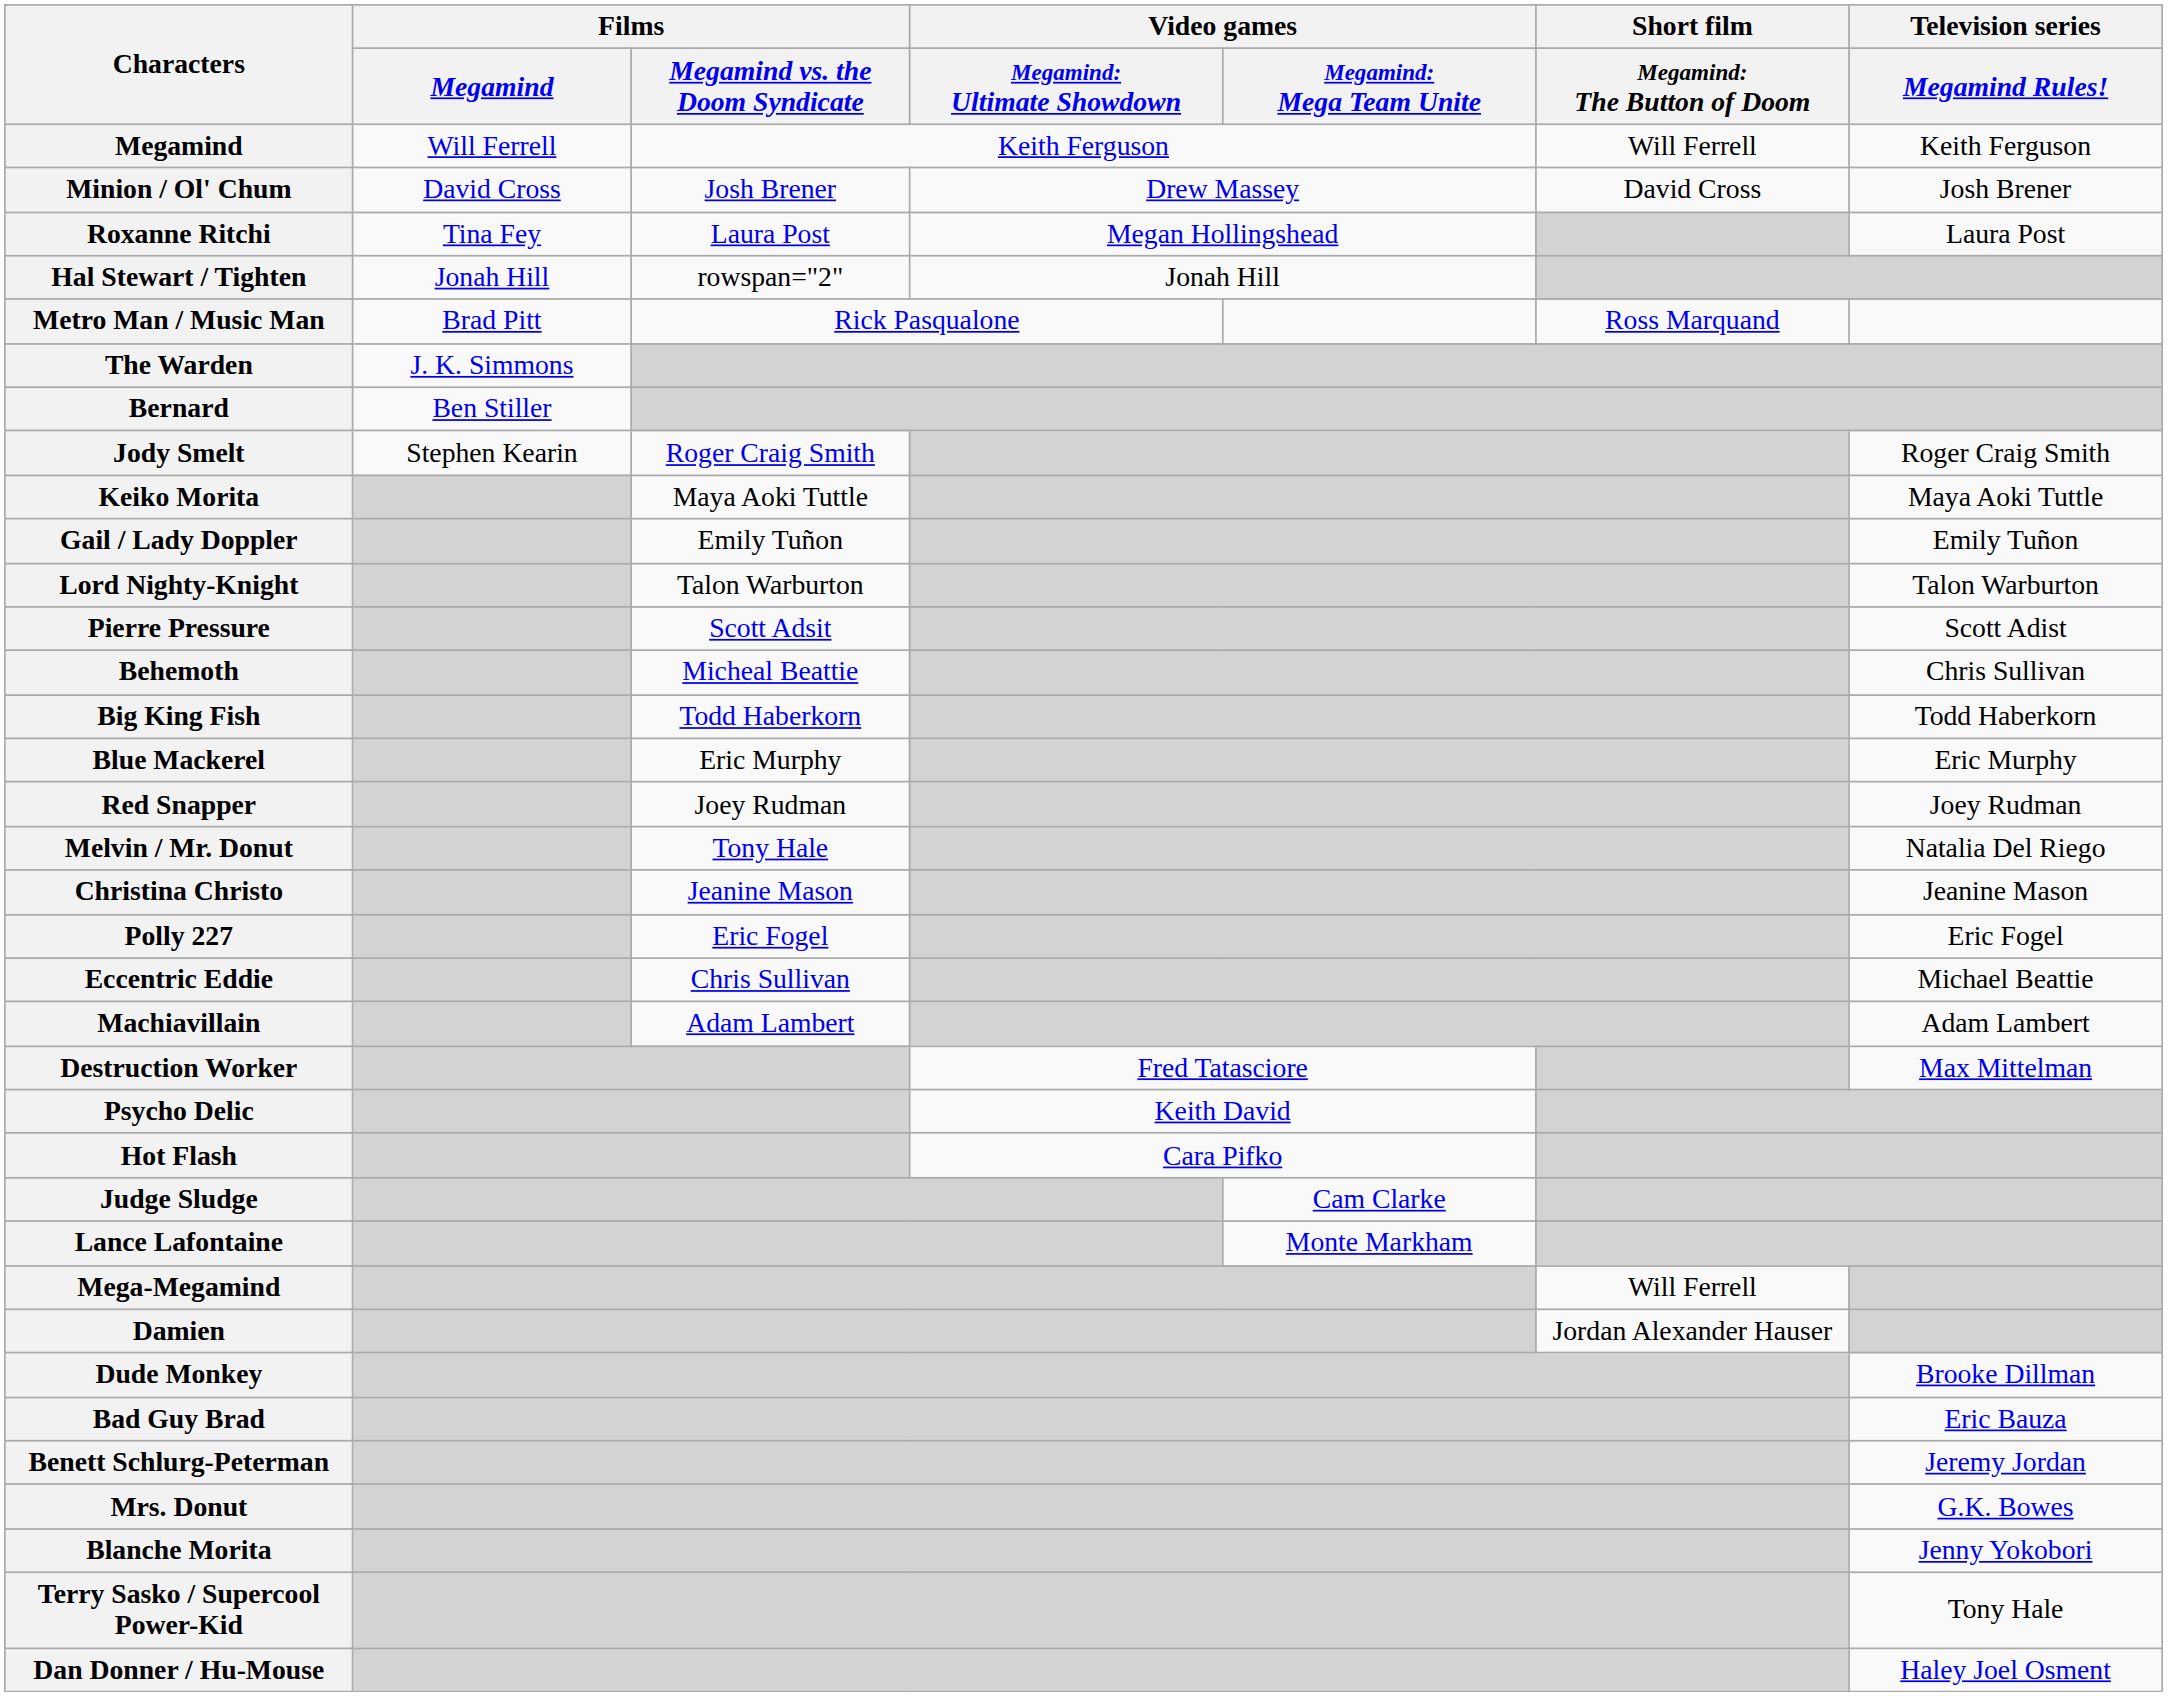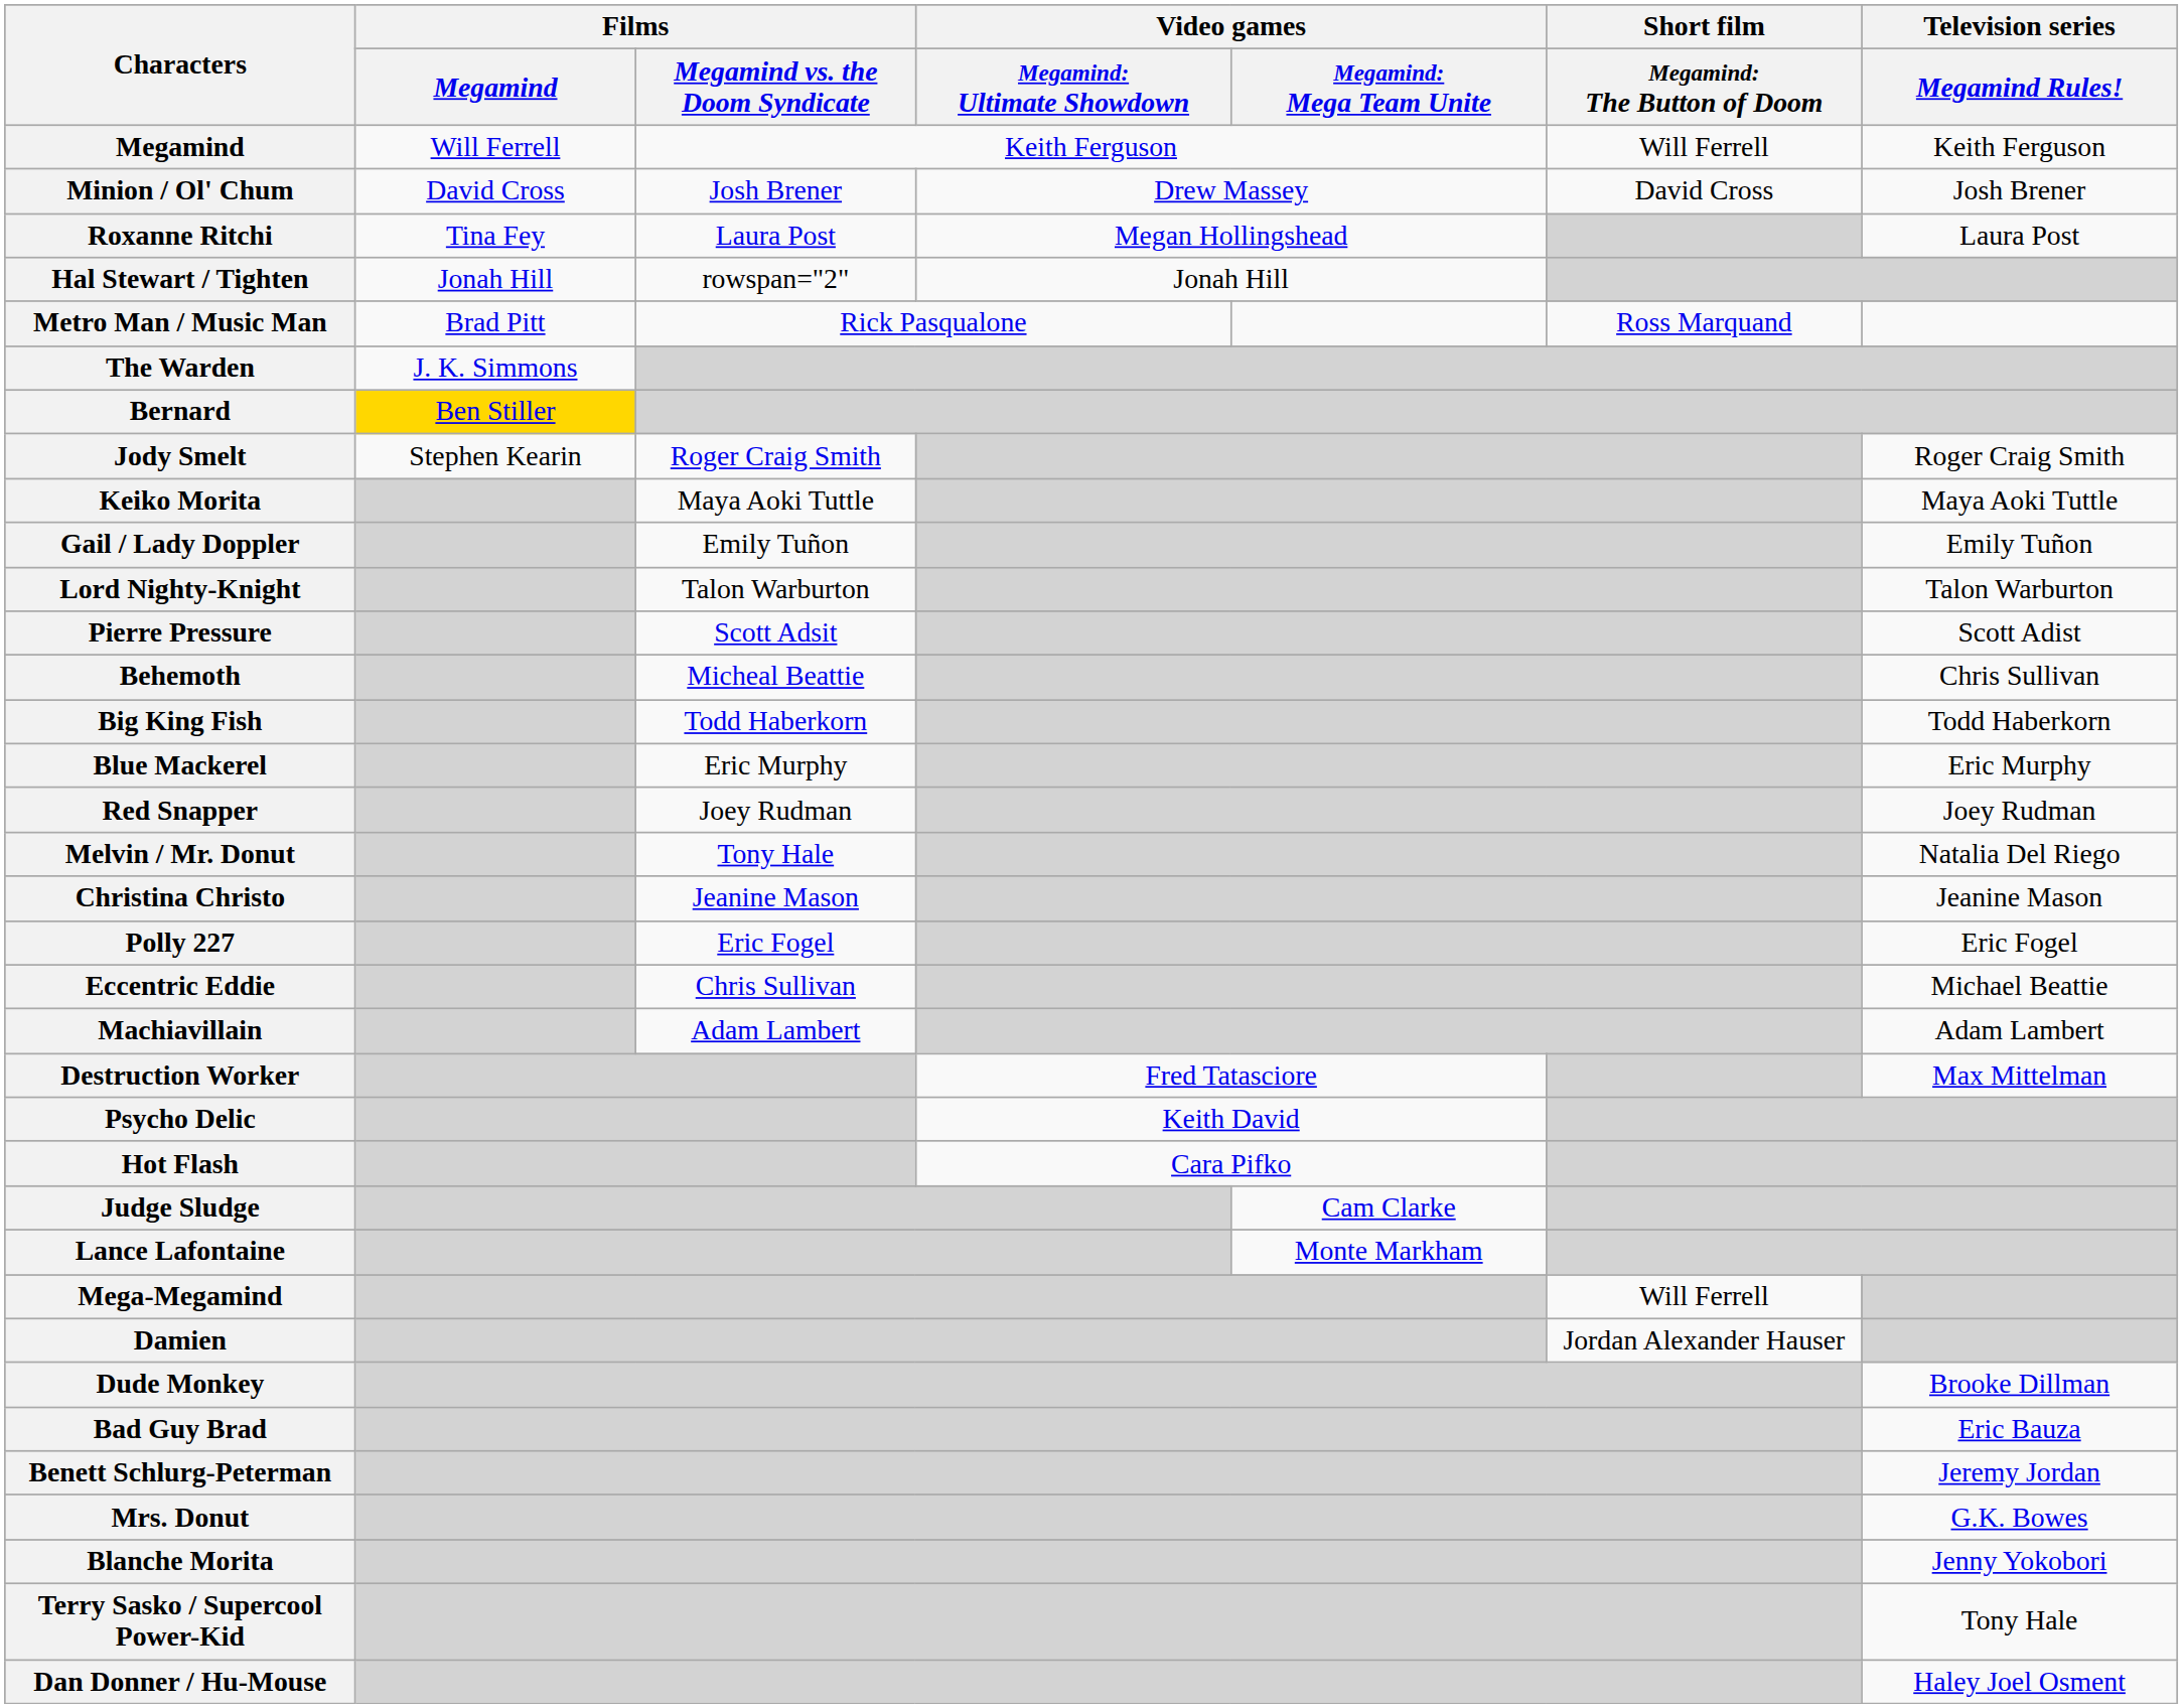 <table class="wikitable" style="text-align:center;">
 <tr>
 <th rowspan="2" style="text-align:center; width:10%;">Characters</th>
 <th colspan="2">Films</th>
 <th colspan="2">Video games</th>
 <th>Short film</th>
 <th>Television series</th>
 </tr>
 <tr>
 <th style="text-align:center; width:8%;"><em><a href='#'>Megamind</a></em></th>
 <th style="text-align:center; width:8%;"><em><a href='#'>Megamind vs. the Doom Syndicate</a></em></th>
 <th style="text-align:center; width:9%;"><em><a href='#'><small>Megamind:</small><br>Ultimate Showdown</a></em></th>
 <th style="text-align:center; width:9%;"><em><a href='#'><small>Megamind:</small><br>Mega Team Unite</a></em></th>
 <th style="text-align:center; width:9%;"><em><small>Megamind:</small><br>The Button of Doom</em></th>
 <th style="text-align:center; width:9%;"><em><a href='#'>Megamind Rules!</a></em></th>
 </tr>
 <tr>
 <th>Megamind</th>
 <td><a href='#'>Will Ferrell</a></td>
 <td colspan="3"><a href='#'>Keith Ferguson</a></td>
 <td>Will Ferrell</td>
 <td>Keith Ferguson</td>
 </tr>
 <tr>
 <th>Minion / Ol' Chum</th>
 <td><a href='#'>David Cross</a></td>
 <td><a href='#'>Josh Brener</a></td>
 <td colspan="2"><a href='#'>Drew Massey</a></td>
 <td>David Cross</td>
 <td>Josh Brener</td>
 </tr>
 <tr>
 <th>Roxanne Ritchi</th>
 <td><a href='#'>Tina Fey</a></td>
 <td><a href='#'>Laura Post</a></td>
 <td colspan="2"><a href='#'>Megan Hollingshead</a></td>
 <td style=background-color:#D3D3D3></td>
 <td>Laura Post</td>
 </tr>
 <tr>
 <th>Hal Stewart / Tighten</th>
 <td><a href='#'>Jonah Hill</a></td>
 <td>rowspan="2" </td>
 <td colspan="2">Jonah Hill</td>
 <td colspan="2" style=background-color:#D3D3D3></td>
 </tr>
 <tr>
 <th>Metro Man / Music Man</th>
 <td><a href='#'>Brad Pitt</a></td>
 <td colspan="2"><a href='#'>Rick Pasqualone</a></td>
 <td></td>
 <td><a href='#'>Ross Marquand</a></td>
 </tr>
 <tr>
 <th>The Warden</th>
 <td><a href='#'>J. K. Simmons</a></td>
 <td colspan="5" style=background-color:#D3D3D3></td>
 </tr>
 <tr>
 <th>Bernard</th>
-<td><a href='#'>Ben Stiller</a></td>
+<td style="background: gold;"><a href='#'>Ben Stiller</a></td>
 <td Colspan="5" style=background-color:#D3D3D3></td>
 </tr>
 <tr>
 <th>Jody Smelt</th>
 <td>Stephen Kearin</td>
 <td><a href='#'>Roger Craig Smith</a></td>
 <td colspan="3" style=background-color:#D3D3D3></td>
 <td>Roger Craig Smith</td>
 </tr>
 <tr>
 <th>Keiko Morita</th>
 <td style=background-color:#D3D3D3></td>
 <td>Maya Aoki Tuttle</td>
 <td colspan="3" style=background-color:#D3D3D3></td>
 <td>Maya Aoki Tuttle</td>
 </tr>
 <tr>
 <th>Gail / Lady Doppler</th>
 <td style=background-color:#D3D3D3></td>
 <td>Emily Tuñon</td>
 <td colspan="3" style=background-color:#D3D3D3></td>
 <td>Emily Tuñon</td>
 </tr>
 <tr>
 <th>Lord Nighty-Knight</th>
 <td style=background-color:#D3D3D3></td>
 <td>Talon Warburton</td>
 <td colspan="3" style=background-color:#D3D3D3></td>
 <td>Talon Warburton</td>
 </tr>
 <tr>
 <th>Pierre Pressure</th>
 <td style=background-color:#D3D3D3></td>
 <td><a href='#'>Scott Adsit</a></td>
 <td colspan="3" style=background-color:#D3D3D3></td>
 <td>Scott Adist</td>
 </tr>
 <tr>
 <th>Behemoth</th>
 <td style=background-color:#D3D3D3></td>
 <td><a href='#'>Micheal Beattie</a></td>
 <td colspan="3" style=background-color:#D3D3D3></td>
 <td>Chris Sullivan</td>
 </tr>
 <tr>
 <th>Big King Fish</th>
 <td style=background-color:#D3D3D3></td>
 <td><a href='#'>Todd Haberkorn</a></td>
 <td colspan="3" style=background-color:#D3D3D3></td>
 <td>Todd Haberkorn</td>
 </tr>
 <tr>
 <th>Blue Mackerel</th>
 <td style=background-color:#D3D3D3></td>
 <td>Eric Murphy</td>
 <td colspan="3" style=background-color:#D3D3D3></td>
 <td>Eric Murphy</td>
 </tr>
 <tr>
 <th>Red Snapper</th>
 <td style=background-color:#D3D3D3></td>
 <td>Joey Rudman</td>
 <td colspan="3" style=background-color:#D3D3D3></td>
 <td>Joey Rudman</td>
 </tr>
 <tr>
 <th>Melvin / Mr. Donut</th>
 <td style=background-color:#D3D3D3></td>
 <td><a href='#'>Tony Hale</a></td>
 <td colspan="3" style=background-color:#D3D3D3></td>
 <td>Natalia Del Riego</td>
 </tr>
 <tr>
 <th>Christina Christo</th>
 <td style=background-color:#D3D3D3></td>
 <td><a href='#'>Jeanine Mason</a></td>
 <td colspan="3" style=background-color:#D3D3D3></td>
 <td>Jeanine Mason</td>
 </tr>
 <tr>
 <th>Polly 227</th>
 <td style=background-color:#D3D3D3></td>
 <td><a href='#'>Eric Fogel</a></td>
 <td colspan="3" style=background-color:#D3D3D3></td>
 <td>Eric Fogel</td>
 </tr>
 <tr>
 <th>Eccentric Eddie</th>
 <td style=background-color:#D3D3D3></td>
 <td><a href='#'>Chris Sullivan</a></td>
 <td colspan="3" style=background-color:#D3D3D3></td>
 <td>Michael Beattie</td>
 </tr>
 <tr>
 <th>Machiavillain</th>
 <td style=background-color:#D3D3D3></td>
 <td><a href='#'>Adam Lambert</a></td>
 <td colspan="3" style=background-color:#D3D3D3></td>
 <td>Adam Lambert</td>
 </tr>
 <tr>
 <th>Destruction Worker</th>
 <td colspan="2" style=background-color:#D3D3D3></td>
 <td colspan="2"><a href='#'>Fred Tatasciore</a></td>
 <td style=background-color:#D3D3D3></td>
 <td><a href='#'>Max Mittelman</a></td>
 </tr>
 <tr>
 <th>Psycho Delic</th>
 <td colspan="2" style=background-color:#D3D3D3></td>
 <td colspan="2"><a href='#'>Keith David</a></td>
 <td colspan="2" style=background-color:#D3D3D3></td>
 </tr>
 <tr>
 <th>Hot Flash</th>
 <td colspan="2" style=background-color:#D3D3D3></td>
 <td colspan="2"><a href='#'>Cara Pifko</a></td>
 <td colspan="2" style=background-color:#D3D3D3></td>
 </tr>
 <tr>
 <th>Judge Sludge</th>
 <td colspan="3" style=background-color:#D3D3D3></td>
 <td><a href='#'>Cam Clarke</a></td>
 <td colspan="2" style=background-color:#D3D3D3></td>
 </tr>
 <tr>
 <th>Lance Lafontaine</th>
 <td colspan="3" style=background-color:#D3D3D3></td>
 <td><a href='#'>Monte Markham</a></td>
 <td colspan="2" style=background-color:#D3D3D3></td>
 </tr>
 <tr>
 <th>Mega-Megamind</th>
 <td colspan="4" style=background-color:#D3D3D3></td>
 <td>Will Ferrell</td>
 <td style=background-color:#D3D3D3></td>
 </tr>
 <tr>
 <th>Damien</th>
 <td colspan="4" style=background-color:#D3D3D3></td>
 <td>Jordan Alexander Hauser</td>
 <td style=background-color:#D3D3D3></td>
 </tr>
 <tr>
 <th>Dude Monkey</th>
 <td colspan="5" style=background-color:#D3D3D3></td>
 <td><a href='#'>Brooke Dillman</a></td>
 </tr>
 <tr>
 <th>Bad Guy Brad</th>
 <td colspan="5" style=background-color:#D3D3D3></td>
 <td><a href='#'>Eric Bauza</a></td>
 </tr>
 <tr>
 <th>Benett Schlurg-Peterman</th>
 <td colspan="5" style=background-color:#D3D3D3></td>
 <td><a href='#'>Jeremy Jordan</a></td>
 </tr>
 <tr>
 <th>Mrs. Donut</th>
 <td colspan="5" style=background-color:#D3D3D3></td>
 <td><a href='#'>G.K. Bowes</a></td>
 </tr>
 <tr>
 <th>Blanche Morita</th>
 <td colspan="5" style=background-color:#D3D3D3></td>
 <td><a href='#'>Jenny Yokobori</a></td>
 </tr>
 <tr>
 <th>Terry Sasko / Supercool Power-Kid</th>
 <td colspan="5" style=background-color:#D3D3D3></td>
 <td>Tony Hale</td>
 </tr>
 <tr>
 <th>Dan Donner / Hu-Mouse</th>
 <td colspan="5" style=background-color:#D3D3D3></td>
 <td><a href='#'>Haley Joel Osment</a></td>
 </tr>
 </table>
